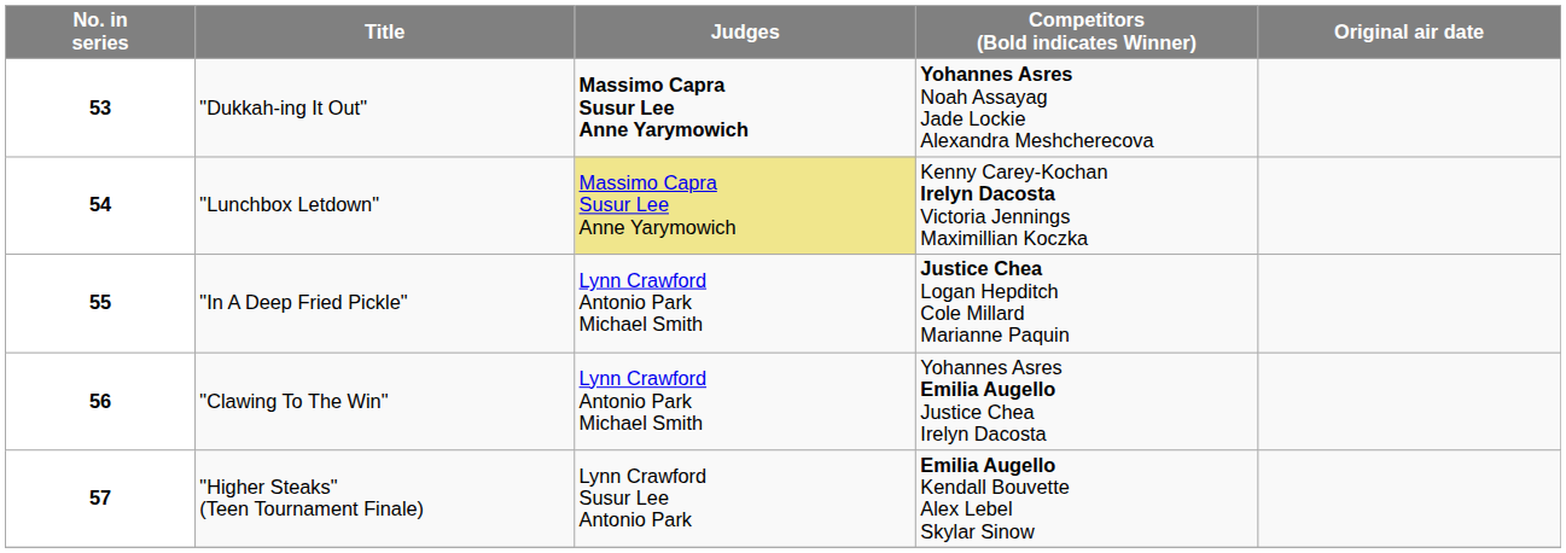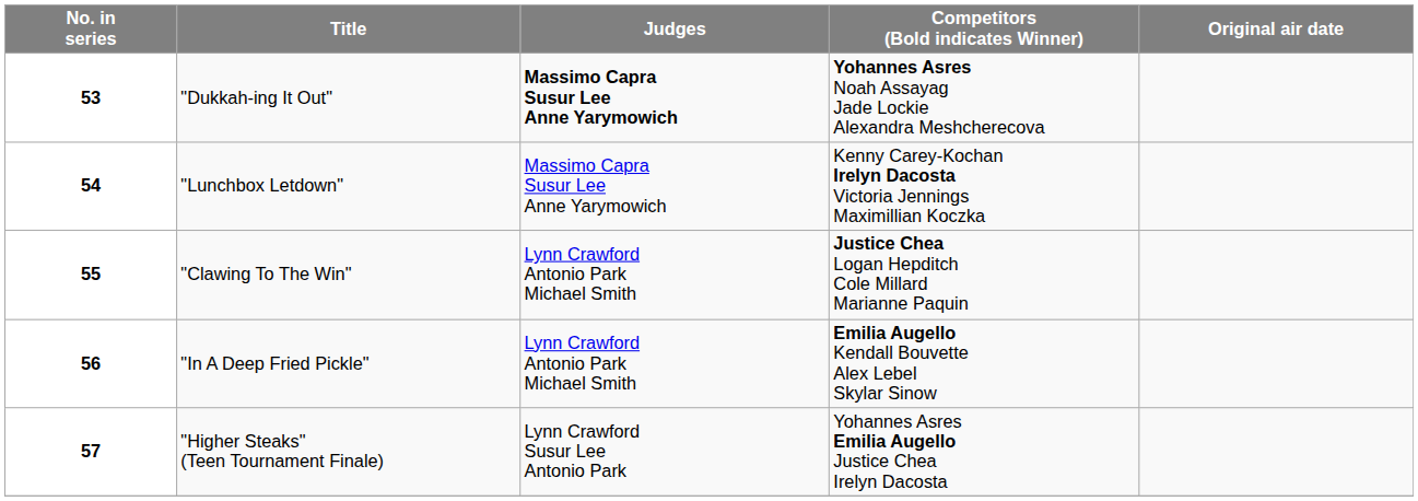 <table class="wikitable" style="width:100%;margin:auto;">
 <tr>
 <th scope="col" style="background-color:#808080;color:white;width:10%;">No. in<br>series</th>
 <th scope="col" style="background-color:#808080;color:white;width:20%;">Title<br></th>
 <th scope="col" style="background-color:#808080;color:white;width:18%;">Judges<br></th>
 <th scope="col" style="background-color:#808080;color:white;width:18%;">Competitors<br><span>(<strong>Bold</strong> indicates Winner)</span></th>
 <th scope="col" style="background-color:#808080;color:white;width:16%;">Original air date<br></th>
 </tr>
 <tr>
 <th scope="row" style="background-color:white">53</th>
 <td>"Dukkah-ing It Out"</td>
 <td><strong>Massimo Capra<br>Susur Lee<br>Anne Yarymowich</strong></td>
 <td><strong>Yohannes Asres</strong><br>Noah Assayag<br>Jade Lockie<br>Alexandra Meshcherecova</td>
 <td></td>
 </tr>
 <tr>
 <th scope="row" style="background-color:white">54</th>
 <td>"Lunchbox Letdown"</td>
-<td style="background: khaki;"><a href='#'>Massimo Capra</a><br><a href='#'>Susur Lee</a><br>Anne Yarymowich</td>
+<td><a href='#'>Massimo Capra</a><br><a href='#'>Susur Lee</a><br>Anne Yarymowich</td>
 <td>Kenny Carey-Kochan<br><strong>Irelyn Dacosta</strong><br>Victoria Jennings<br>Maximillian Koczka</td>
 <td></td>
 </tr>
 <tr>
 <th scope="row" style="background-color:white">55</th>
-<td>"In A Deep Fried Pickle"</td>
+<td>"Clawing To The Win"</td>
 <td><a href='#'>Lynn Crawford</a><br>Antonio Park<br>Michael Smith</td>
 <td><strong>Justice Chea</strong><br>Logan Hepditch<br>Cole Millard<br>Marianne Paquin</td>
 <td></td>
 </tr>
 <tr>
 <th scope="row" style="background-color:white">56</th>
-<td>"Clawing To The Win"</td>
+<td>"In A Deep Fried Pickle"</td>
 <td><a href='#'>Lynn Crawford</a><br>Antonio Park<br>Michael Smith</td>
-<td>Yohannes Asres<br><strong>Emilia Augello</strong><br>Justice Chea<br>Irelyn Dacosta</td>
+<td><strong>Emilia Augello</strong><br>Kendall Bouvette<br>Alex Lebel<br>Skylar Sinow</td>
 <td></td>
 </tr>
 <tr>
 <th scope="row" style="background-color:white">57</th>
 <td>"Higher Steaks"<br>(Teen Tournament Finale)</td>
 <td>Lynn Crawford<br>Susur Lee<br>Antonio Park<br></td>
-<td><strong>Emilia Augello</strong><br>Kendall Bouvette<br>Alex Lebel<br>Skylar Sinow</td>
+<td>Yohannes Asres<br><strong>Emilia Augello</strong><br>Justice Chea<br>Irelyn Dacosta</td>
 <td></td>
 </tr>
 <tr>
 </tr>
 </table>
